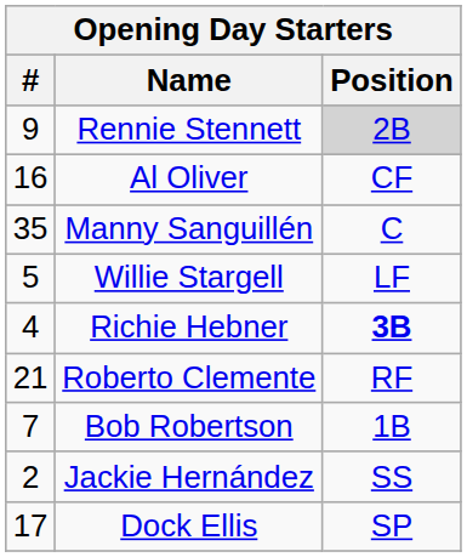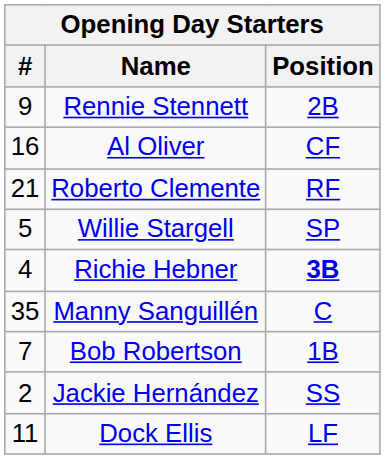 <table class="wikitable" style="text-align:center">
 <tr>
 <th colspan="3">Opening Day Starters</th>
 </tr>
 <tr>
 <th>#</th>
 <th>Name</th>
 <th>Position</th>
 </tr>
 <tr>
 <td>9</td>
 <td><a href='#'>Rennie Stennett</a></td>
-<td style="background: lightgrey;"><a href='#'>2B</a></td>
+<td><a href='#'>2B</a></td>
 </tr>
 <tr>
 <td>16</td>
 <td><a href='#'>Al Oliver</a></td>
 <td><a href='#'>CF</a></td>
 </tr>
 <tr>
-<td>35</td>
-<td><a href='#'>Manny Sanguillén</a></td>
-<td><a href='#'>C</a></td>
+<td>21</td>
+<td><a href='#'>Roberto Clemente</a></td>
+<td><a href='#'>RF</a></td>
 </tr>
 <tr>
 <td>5</td>
 <td><a href='#'>Willie Stargell</a></td>
-<td><a href='#'>LF</a></td>
+<td><a href='#'>SP</a></td>
 </tr>
 <tr>
 <td>4</td>
 <td><a href='#'>Richie Hebner</a></td>
 <td><strong><a href='#'>3B</a></strong></td>
 </tr>
 <tr>
-<td>21</td>
-<td><a href='#'>Roberto Clemente</a></td>
-<td><a href='#'>RF</a></td>
+<td>35</td>
+<td><a href='#'>Manny Sanguillén</a></td>
+<td><a href='#'>C</a></td>
 </tr>
 <tr>
 <td>7</td>
 <td><a href='#'>Bob Robertson</a></td>
 <td><a href='#'>1B</a></td>
 </tr>
 <tr>
 <td>2</td>
 <td><a href='#'>Jackie Hernández</a></td>
 <td><a href='#'>SS</a></td>
 </tr>
 <tr>
-<td>17</td>
+<td>11</td>
 <td><a href='#'>Dock Ellis</a></td>
-<td><a href='#'>SP</a></td>
+<td><a href='#'>LF</a></td>
 </tr>
 </table>
